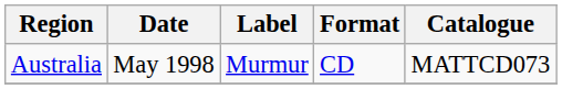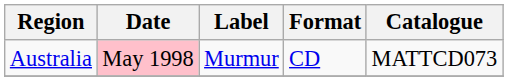 <table class="wikitable">
 <tr>
 <th>Region</th>
 <th>Date</th>
 <th>Label</th>
 <th>Format</th>
 <th>Catalogue</th>
 </tr>
 <tr>
 <td><a href='#'>Australia</a></td>
-<td>May 1998</td>
+<td style="background: pink;">May 1998</td>
 <td><a href='#'>Murmur</a></td>
 <td><a href='#'>CD</a></td>
 <td>MATTCD073</td>
 </tr>
 <tr>
 </tr>
 </table>
